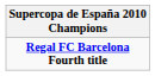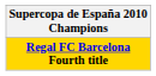 <table class=wikitable style="text-align:center; margin:auto">
 <tr>
 <th>Supercopa de España 2010 <br> Champions</th>
 </tr>
 <tr>
-<td><strong><a href='#'>Regal FC Barcelona</a></strong> <br> <strong>Fourth title</strong></td>
+<td style="background: gold;"><strong><a href='#'>Regal FC Barcelona</a></strong> <br> <strong>Fourth title</strong></td>
 </tr>
 </table>
